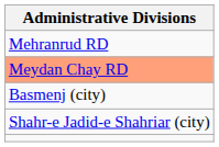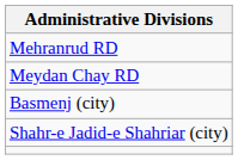 <table class="wikitable">
 <tr>
 <th>Administrative Divisions</th>
 </tr>
 <tr>
 <td><a href='#'>Mehranrud RD</a></td>
 </tr>
 <tr>
-<td style="background: lightsalmon;"><a href='#'>Meydan Chay RD</a></td>
+<td><a href='#'>Meydan Chay RD</a></td>
 </tr>
 <tr>
 <td><a href='#'>Basmenj</a> (city)</td>
 </tr>
 <tr>
 <td><a href='#'>Shahr-e Jadid-e Shahriar</a> (city)</td>
 </tr>
 <tr>
 <td colspan=1></td>
 </tr>
 </table>
